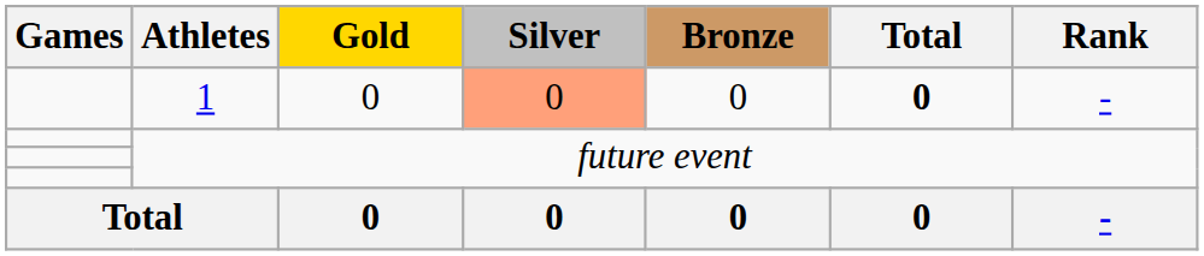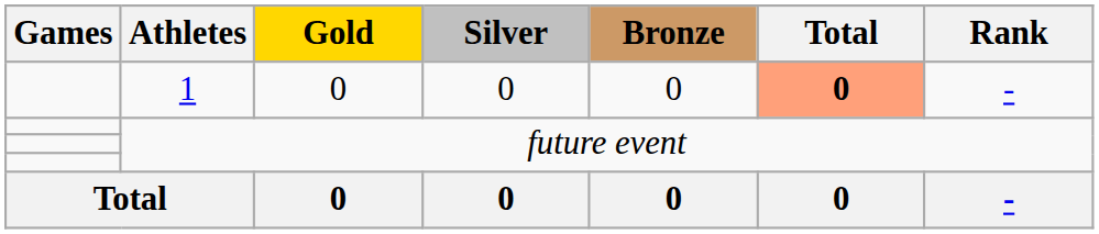 <table class="wikitable" style="text-align:center; font-size:90%;">
 <tr>
 <th>Games</th>
 <th>Athletes</th>
 <td style="background:gold; width:4.5em; font-weight:bold;">Gold</td>
 <td style="background:silver; width:4.5em; font-weight:bold;">Silver</td>
 <td style="background:#cc9966; width:4.5em; font-weight:bold;">Bronze</td>
 <th style="width:4.5em; font-weight:bold;">Total</th>
 <th style="width:4.5em; font-weight:bold;">Rank</th>
 </tr>
 <tr>
 <td align=left></td>
 <td><a href='#'>1</a></td>
 <td>0</td>
-<td style="background: lightsalmon;">0</td>
 <td>0</td>
-<td><strong>0</strong></td>
+<td>0</td>
+<td style="background: lightsalmon;"><strong>0</strong></td>
 <td><a href='#'>-</a></td>
 </tr>
 <tr>
 <td align=left></td>
 <td rowspan="3"; colspan=6><em>future event</em></td>
 </tr>
 <tr>
 <td align=left></td>
 </tr>
 <tr>
 <td align=left></td>
 </tr>
 <tr>
 <th colspan=2>Total</th>
 <th>0</th>
 <th>0</th>
 <th>0</th>
 <th>0</th>
 <th><a href='#'>-</a></th>
 </tr>
 </table>
